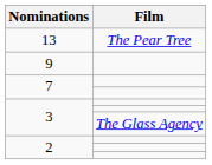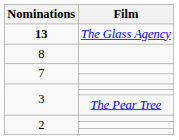 <table class="wikitable" style="text-align:center;">
 <tr>
 <th scope="col">Nominations</th>
 <th scope="col" align="center">Film</th>
 </tr>
 <tr>
-<td style="text-align:center">13</td>
-<td><em><a href='#'>The Pear Tree</a></em></td>
+<td style="text-align:center"><strong>13</strong></td>
+<td><em><a href='#'>The Glass Agency</a></em></td>
 </tr>
 <tr>
-<td style="text-align:center">9</td>
+<td style="text-align:center">8</td>
 <td><em></em></td>
 </tr>
 <tr>
 <td rowspan=2 style="text-align:center">7</td>
 <td><em></em></td>
 </tr>
 <tr>
 <td><em></em></td>
 </tr>
 <tr>
 <td rowspan=3 style="text-align: center;">3</td>
 <td><em></em></td>
 </tr>
 <tr>
 <td><em></em></td>
 </tr>
 <tr>
-<td><em><a href='#'>The Glass Agency</a></em></td>
+<td><em><a href='#'>The Pear Tree</a></em></td>
 </tr>
 <tr>
 <td rowspan=3 style="text-align: center;">2</td>
 <td><em></em></td>
 </tr>
 <tr>
 <td><em></em></td>
 </tr>
 <tr>
 <td><em></em></td>
 </tr>
 </table>
